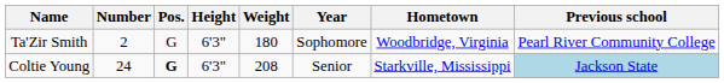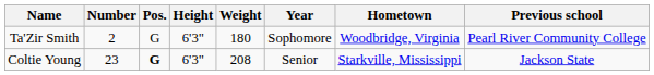 <table class="wikitable sortable" style="text-align:center">
 <tr align=center>
 <th>Name</th>
 <th>Number</th>
 <th>Pos.</th>
 <th>Height</th>
 <th>Weight</th>
 <th>Year</th>
 <th>Hometown</th>
 <th class="unsortable">Previous school</th>
 </tr>
 <tr>
 <td>Ta'Zir Smith</td>
 <td>2</td>
 <td>G</td>
 <td>6'3"</td>
 <td>180</td>
 <td>Sophomore</td>
 <td><a href='#'>Woodbridge, Virginia</a></td>
 <td><a href='#'>Pearl River Community College</a></td>
 </tr>
 <tr>
 <td>Coltie Young</td>
-<td>24</td>
+<td>23</td>
 <td><strong>G</strong></td>
 <td>6'3"</td>
 <td>208</td>
 <td>Senior</td>
 <td><a href='#'>Starkville, Mississippi</a></td>
-<td style="background: lightblue;"><a href='#'>Jackson State</a></td>
+<td><a href='#'>Jackson State</a></td>
 </tr>
 </table>
